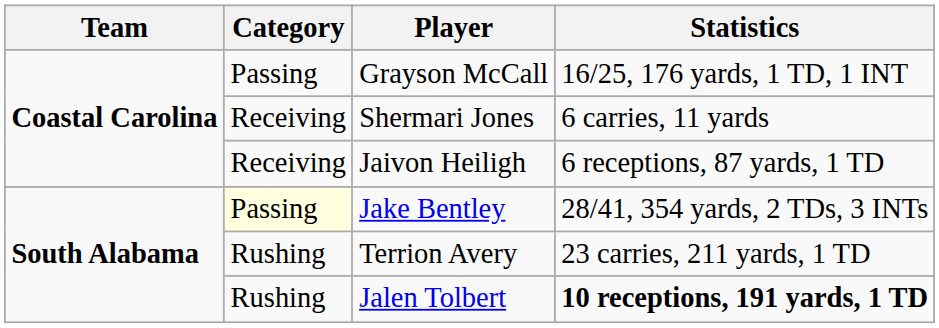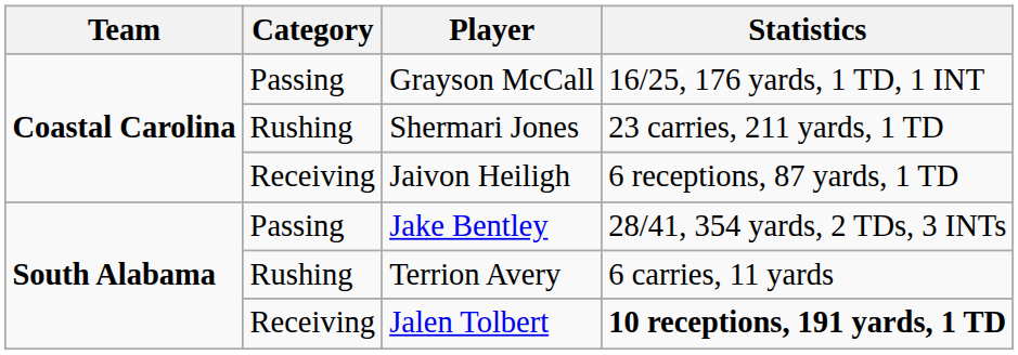 <table class="wikitable" style="float: left;">
 <tr>
 <th>Team</th>
 <th>Category</th>
 <th>Player</th>
 <th>Statistics</th>
 </tr>
 <tr>
 <td rowspan=3><strong>Coastal Carolina</strong></td>
 <td>Passing</td>
 <td>Grayson McCall</td>
 <td>16/25, 176 yards, 1 TD, 1 INT</td>
 </tr>
 <tr>
-<td>Receiving</td>
+<td>Rushing</td>
 <td>Shermari Jones</td>
-<td>6 carries, 11 yards</td>
+<td>23 carries, 211 yards, 1 TD</td>
 </tr>
 <tr>
 <td>Receiving</td>
 <td>Jaivon Heiligh</td>
 <td>6 receptions, 87 yards, 1 TD</td>
 </tr>
 <tr>
 <td rowspan=3><strong>South Alabama</strong></td>
-<td style="background: lightyellow;">Passing</td>
+<td>Passing</td>
 <td><a href='#'>Jake Bentley</a></td>
 <td>28/41, 354 yards, 2 TDs, 3 INTs</td>
 </tr>
 <tr>
 <td>Rushing</td>
 <td>Terrion Avery</td>
-<td>23 carries, 211 yards, 1 TD</td>
+<td>6 carries, 11 yards</td>
 </tr>
 <tr>
-<td>Rushing</td>
+<td>Receiving</td>
 <td><a href='#'>Jalen Tolbert</a></td>
 <td><strong>10 receptions, 191 yards, 1 TD</strong></td>
 </tr>
 </table>
